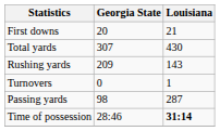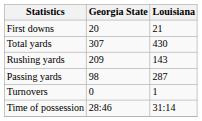 <table class="wikitable">
 <tr>
 <th>Statistics</th>
 <th>Georgia State</th>
 <th>Louisiana</th>
 </tr>
 <tr>
 <td>First downs</td>
 <td>20</td>
 <td>21</td>
 </tr>
 <tr>
 <td>Total yards</td>
 <td>307</td>
 <td>430</td>
 </tr>
 <tr>
 <td>Rushing yards</td>
 <td>209</td>
 <td>143</td>
 </tr>
 <tr>
+<td>Passing yards</td>
+<td>98</td>
+<td>287</td>
+</tr>
+<tr>
 <td>Turnovers</td>
 <td>0</td>
 <td>1</td>
 </tr>
 <tr>
-<td>Passing yards</td>
-<td>98</td>
-<td>287</td>
-</tr>
-<tr>
 <td>Time of possession</td>
 <td>28:46</td>
-<td><strong>31:14</strong></td>
+<td>31:14</td>
 </tr>
 <tr>
 </tr>
 </table>
